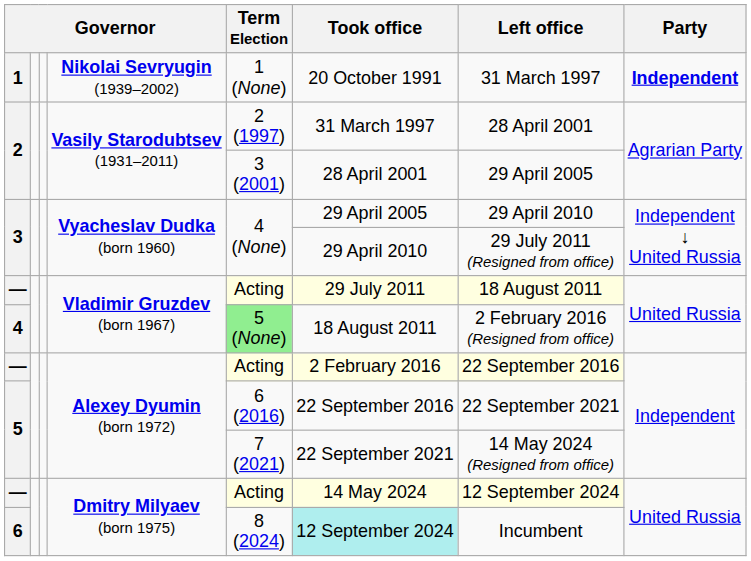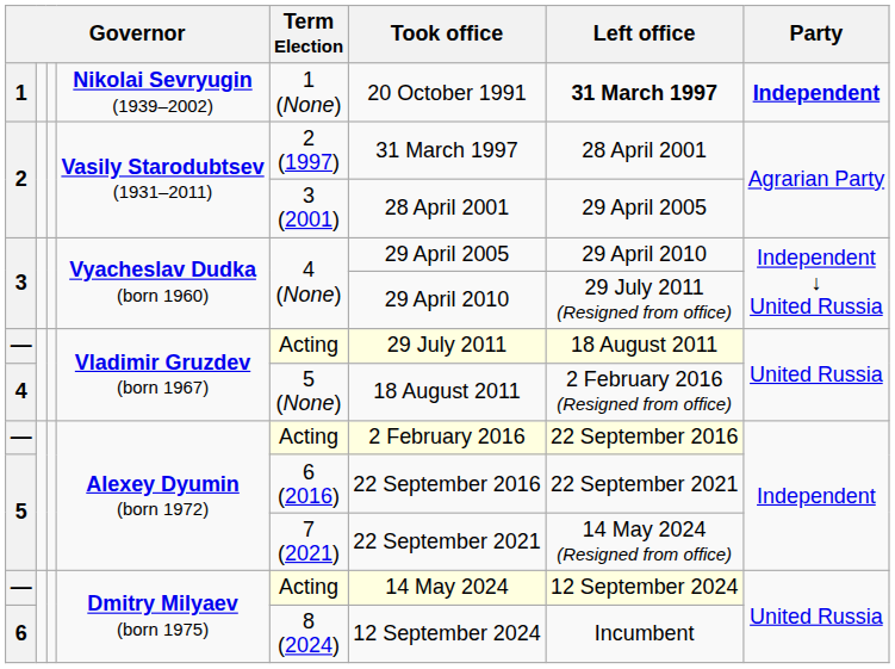 <table class="wikitable" style="text-align: center;">
 <tr>
 <th colspan="4">Governor</th>
 <th>Term<br><small>Election</small></th>
 <th>Took office</th>
 <th>Left office</th>
 <th>Party</th>
 </tr>
 <tr>
 <th>1</th>
 <td></td>
 <td style="background: "></td>
 <td><strong><a href='#'>Nikolai Sevryugin</a></strong><br><small>(1939–2002)</small></td>
 <td>1<br>(<em>None</em>)</td>
 <td>20 October 1991</td>
-<td>31 March 1997</td>
+<td><strong>31 March 1997</strong></td>
 <td><strong><a href='#'>Independent</a></strong></td>
 </tr>
 <tr>
 <th rowspan=2>2</th>
 <td rowspan=2></td>
 <td rowspan=2 style="background: "></td>
 <td rowspan=2><strong><a href='#'>Vasily Starodubtsev</a></strong><br><small>(1931–2011)</small></td>
 <td>2<br>(<a href='#'>1997</a>)</td>
 <td>31 March 1997</td>
 <td>28 April 2001</td>
 <td rowspan=2><a href='#'>Agrarian Party</a></td>
 </tr>
 <tr>
 <td>3<br>(<a href='#'>2001</a>)</td>
 <td>28 April 2001</td>
 <td>29 April 2005</td>
 </tr>
 <tr>
 <th rowspan=2>3</th>
 <td rowspan=2></td>
 <td rowspan=2 style="background: "></td>
 <td rowspan=2><strong><a href='#'>Vyacheslav Dudka</a></strong><br><small>(born 1960)</small></td>
 <td rowspan="2">4<br>(<em>None</em>)</td>
 <td>29 April 2005</td>
 <td>29 April 2010</td>
 <td rowspan=2><a href='#'>Independent</a><br>↓<br><a href='#'>United Russia</a></td>
 </tr>
 <tr>
 <td>29 April 2010</td>
 <td>29 July 2011<br><small><em>(Resigned from office)</em></small></td>
 </tr>
 <tr>
 <th>—</th>
 <td rowspan=2></td>
 <td rowspan=2 style="background: "></td>
 <td rowspan=2><strong><a href='#'>Vladimir Gruzdev</a></strong><br><small>(born 1967)</small></td>
 <td style="background:lightyellow">Acting</td>
 <td style="background:lightyellow">29 July 2011</td>
 <td style="background:lightyellow">18 August 2011</td>
 <td rowspan=2><a href='#'>United Russia</a></td>
 </tr>
 <tr>
 <th>4</th>
-<td style="background: lightgreen;">5<br>(<em>None</em>)</td>
+<td>5<br>(<em>None</em>)</td>
 <td>18 August 2011</td>
 <td>2 February 2016<br><small><em>(Resigned from office)</em></small></td>
 </tr>
 <tr>
 <th>—</th>
 <td rowspan=3></td>
 <td rowspan=3 style="background: "></td>
 <td rowspan=3><strong><a href='#'>Alexey Dyumin</a></strong><br><small>(born 1972)</small></td>
 <td style="background:lightyellow">Acting</td>
 <td style="background:lightyellow">2 February 2016</td>
 <td style="background:lightyellow">22 September 2016</td>
 <td rowspan=3><a href='#'>Independent</a></td>
 </tr>
 <tr>
 <th rowspan="2">5</th>
 <td>6<br>(<a href='#'>2016</a>)</td>
 <td>22 September 2016</td>
 <td>22 September 2021</td>
 </tr>
 <tr>
 <td>7<br>(<a href='#'>2021</a>)</td>
 <td>22 September 2021</td>
 <td>14 May 2024<br><small><em>(Resigned from office)</em></small></td>
 </tr>
 <tr>
 <th>—</th>
 <td rowspan="2"></td>
 <td rowspan="2" style="background: "></td>
 <td rowspan="2"><strong><a href='#'>Dmitry Milyaev</a></strong><br><small>(born 1975)</small></td>
 <td style="background:lightyellow">Acting</td>
 <td style="background:lightyellow">14 May 2024</td>
 <td style="background:lightyellow">12 September 2024</td>
 <td rowspan="2"><a href='#'>United Russia</a></td>
 </tr>
 <tr>
 <th>6</th>
 <td>8<br>(<a href='#'>2024</a>)</td>
-<td style="background: paleturquoise;">12 September 2024</td>
+<td>12 September 2024</td>
 <td>Incumbent</td>
 </tr>
 </table>
